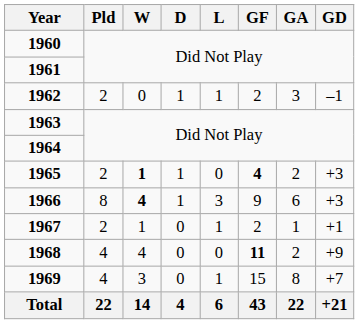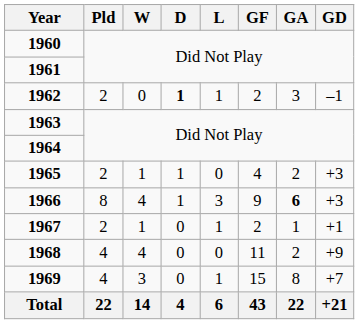 <table class="wikitable" style="text-align: center;">
 <tr>
 <th width=70>Year</th>
 <th width=30>Pld</th>
 <th width=30>W</th>
 <th width=30>D</th>
 <th width=30>L</th>
 <th width=30>GF</th>
 <th width=30>GA</th>
 <th width=30>GD</th>
 </tr>
 <tr>
 <td><strong>1960</strong></td>
 <td colspan=7 rowspan=2>Did Not Play</td>
 </tr>
 <tr>
 <td><strong>1961</strong></td>
 </tr>
 <tr>
 <td><strong>1962</strong></td>
 <td>2</td>
 <td>0</td>
-<td>1</td>
+<td><strong>1</strong></td>
 <td>1</td>
 <td>2</td>
 <td>3</td>
 <td>–1</td>
 </tr>
 <tr>
 <td><strong>1963</strong></td>
 <td colspan=7 rowspan=2>Did Not Play</td>
 </tr>
 <tr>
 <td><strong>1964</strong></td>
 </tr>
 <tr>
 <td><strong>1965</strong></td>
 <td>2</td>
-<td><strong>1</strong></td>
+<td>1</td>
 <td>1</td>
 <td>0</td>
-<td><strong>4</strong></td>
+<td>4</td>
 <td>2</td>
 <td>+3</td>
 </tr>
 <tr>
 <td><strong>1966</strong></td>
 <td>8</td>
-<td><strong>4</strong></td>
+<td>4</td>
 <td>1</td>
 <td>3</td>
 <td>9</td>
-<td>6</td>
+<td><strong>6</strong></td>
 <td>+3</td>
 </tr>
 <tr>
 <td><strong>1967</strong></td>
 <td>2</td>
 <td>1</td>
 <td>0</td>
 <td>1</td>
 <td>2</td>
 <td>1</td>
 <td>+1</td>
 </tr>
 <tr>
 <td><strong>1968</strong></td>
 <td>4</td>
 <td>4</td>
 <td>0</td>
 <td>0</td>
-<td><strong>11</strong></td>
+<td>11</td>
 <td>2</td>
 <td>+9</td>
 </tr>
 <tr>
 <td><strong>1969</strong></td>
 <td>4</td>
 <td>3</td>
 <td>0</td>
 <td>1</td>
 <td>15</td>
 <td>8</td>
 <td>+7</td>
 </tr>
 <tr>
 <th>Total</th>
 <th>22</th>
 <th>14</th>
 <th>4</th>
 <th>6</th>
 <th>43</th>
 <th>22</th>
 <th>+21</th>
 </tr>
 </table>
